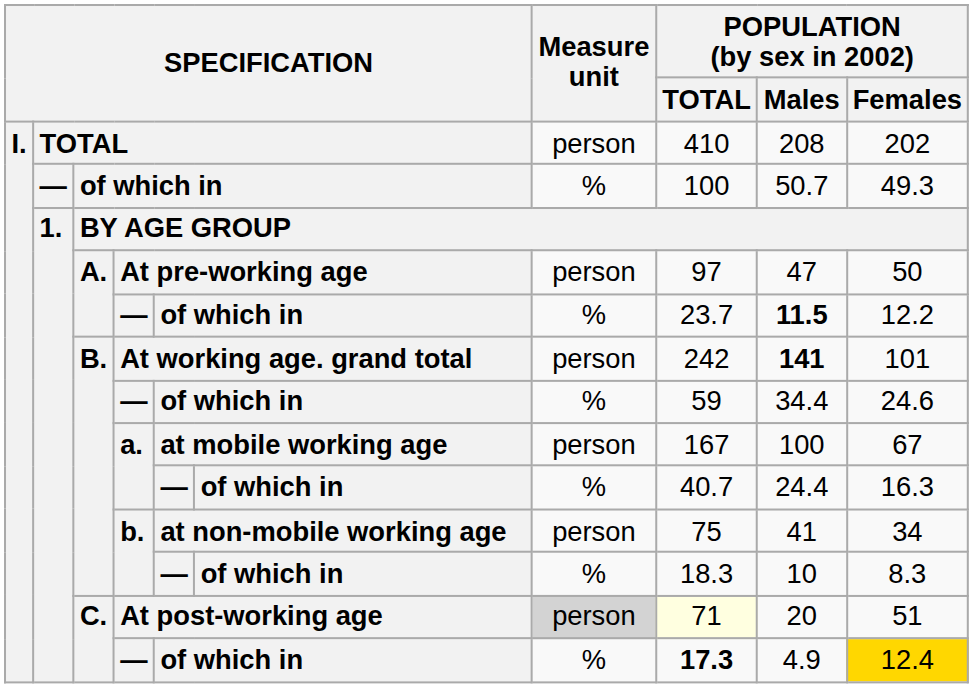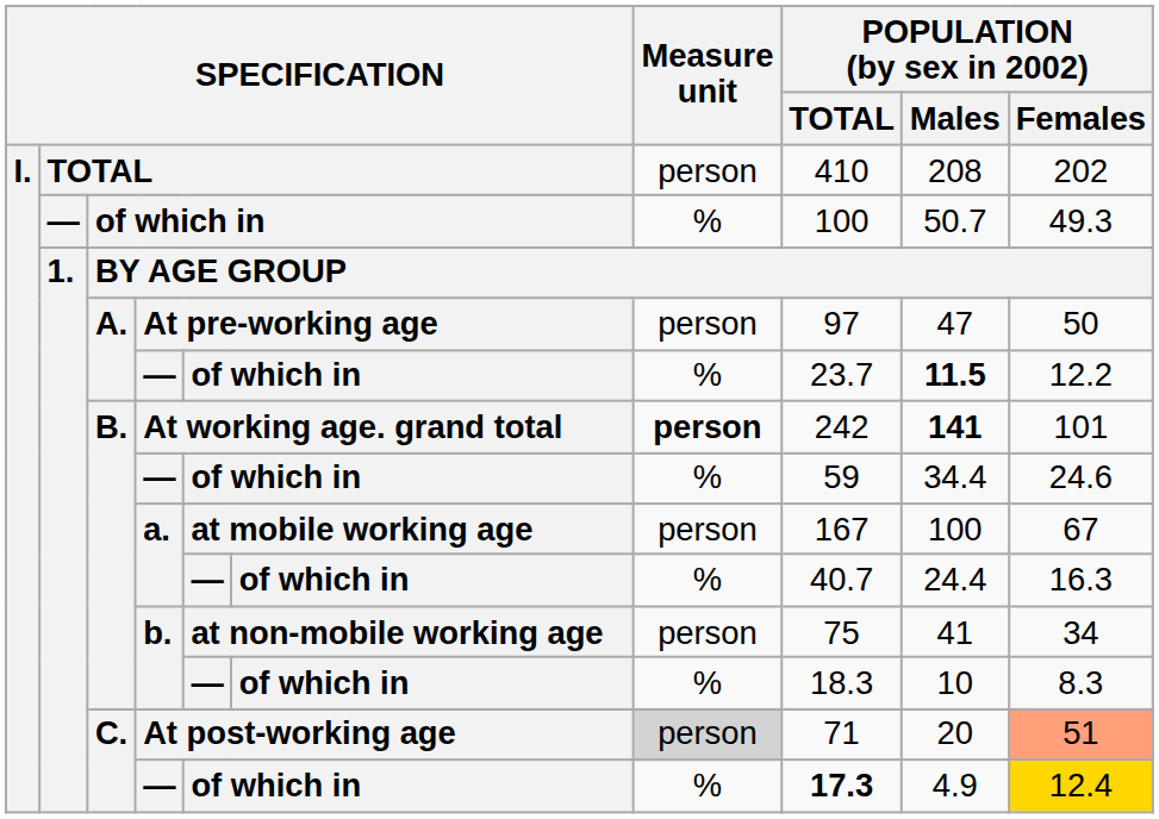 <table class="wikitable" style="font-size:85%; text-align:center">
 <tr>
 <th rowspan="2" colspan="6">SPECIFICATION</th>
 <th rowspan="2">Measure<br> unit</th>
 <th colspan="3" rowspan="1">POPULATION<br> (by sex in 2002)</th>
 </tr>
 <tr>
 <th>TOTAL</th>
 <th>Males</th>
 <th>Females</th>
 </tr>
 <tr>
 <th style="text-align:left" valign="top" rowspan="13">I.</th>
 <th style="text-align:left" colspan="5">TOTAL</th>
 <td>person</td>
 <td>410</td>
 <td>208</td>
 <td>202</td>
 </tr>
 <tr>
 <th style="text-align:left" valign="top">—</th>
 <th style="text-align:left" colspan="4">of which in</th>
 <td>%</td>
 <td>100</td>
 <td>50.7</td>
 <td>49.3</td>
 </tr>
 <tr>
 <th style="text-align:left" valign="top" rowspan="11">1.</th>
 <th style="text-align:left" colspan="19">BY AGE GROUP</th>
 </tr>
 <tr>
 <th style="text-align:left" valign="top" rowspan="2">A.</th>
 <th style="text-align:left" colspan="3">At pre-working age</th>
 <td>person</td>
 <td>97</td>
 <td>47</td>
 <td>50</td>
 </tr>
 <tr>
 <th style="text-align:left" valign="top">—</th>
 <th style="text-align:left" valign="top" colspan="2">of which in</th>
 <td>%</td>
 <td>23.7</td>
 <td><strong>11.5</strong></td>
 <td>12.2</td>
 </tr>
 <tr>
 <th style="text-align:left" valign="top" rowspan="6">B.</th>
 <th style="text-align:left" colspan="3">At working age. grand total</th>
-<td>person</td>
+<td><strong>person</strong></td>
 <td>242</td>
 <td><strong>141</strong></td>
 <td>101</td>
 </tr>
 <tr>
 <th style="text-align:left" valign="top">—</th>
 <th style="text-align:left" valign="top" colspan="2">of which in</th>
 <td>%</td>
 <td>59</td>
 <td>34.4</td>
 <td>24.6</td>
 </tr>
 <tr>
 <th style="text-align:left" valign="top" rowspan="2">a.</th>
 <th style="text-align:left" colspan="2">at mobile working age</th>
 <td>person</td>
 <td>167</td>
 <td>100</td>
 <td>67</td>
 </tr>
 <tr>
 <th style="text-align:left" valign="top">—</th>
 <th style="text-align:left" valign="top" colspan="1">of which in                        </th>
 <td>%</td>
 <td>40.7</td>
 <td>24.4</td>
 <td>16.3</td>
 </tr>
 <tr>
 <th style="text-align:left" valign="top" rowspan="2">b.</th>
 <th style="text-align:left" colspan="2">at non-mobile working age</th>
 <td>person</td>
 <td>75</td>
 <td>41</td>
 <td>34</td>
 </tr>
 <tr>
 <th style="text-align:left" valign="top">—</th>
 <th style="text-align:left" valign="top" colspan="1">of which in                        </th>
 <td>%</td>
 <td>18.3</td>
 <td>10</td>
 <td>8.3</td>
 </tr>
 <tr>
 <th style="text-align:left" valign="top" rowspan="2">C.</th>
 <th style="text-align:left" colspan="3">At post-working age</th>
 <td style="background: lightgrey;">person</td>
-<td style="background: lightyellow;">71</td>
+<td>71</td>
 <td>20</td>
-<td>51</td>
+<td style="background: lightsalmon;">51</td>
 </tr>
 <tr>
 <th style="text-align:left" valign="top">—</th>
 <th style="text-align:left" valign="top" colspan="2">of which in</th>
 <td>%</td>
 <td><strong>17.3</strong></td>
 <td>4.9</td>
 <td style="background: gold;">12.4</td>
 </tr>
 </table>
